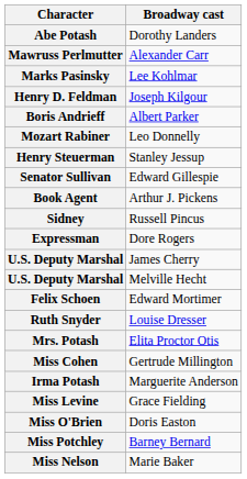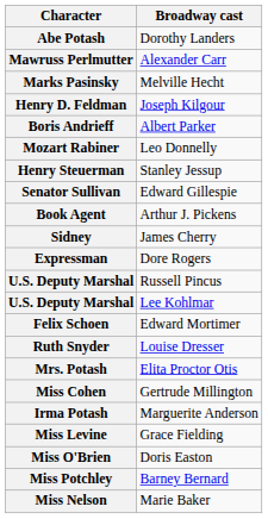 <table class="wikitable sortable plainrowheaders">
 <tr>
 <th scope="col">Character</th>
 <th scope="col">Broadway cast</th>
 </tr>
 <tr>
 <th scope="row">Abe Potash</th>
 <td>Dorothy Landers</td>
 </tr>
 <tr>
 <th scope="row">Mawruss Perlmutter</th>
 <td><a href='#'>Alexander Carr</a></td>
 </tr>
 <tr>
 <th scope="row">Marks Pasinsky</th>
-<td><a href='#'>Lee Kohlmar</a></td>
+<td>Melville Hecht</td>
 </tr>
 <tr>
 <th scope="row">Henry D. Feldman</th>
 <td><a href='#'>Joseph Kilgour</a></td>
 </tr>
 <tr>
 <th scope="row">Boris Andrieff</th>
 <td><a href='#'>Albert Parker</a></td>
 </tr>
 <tr>
 <th scope="row">Mozart Rabiner</th>
 <td>Leo Donnelly</td>
 </tr>
 <tr>
 <th scope="row">Henry Steuerman</th>
 <td>Stanley Jessup</td>
 </tr>
 <tr>
 <th scope="row">Senator Sullivan</th>
 <td>Edward Gillespie</td>
 </tr>
 <tr>
 <th scope="row">Book Agent</th>
 <td>Arthur J. Pickens</td>
 </tr>
 <tr>
 <th scope="row">Sidney</th>
-<td>Russell Pincus</td>
+<td>James Cherry</td>
 </tr>
 <tr>
 <th scope="row">Expressman</th>
 <td>Dore Rogers</td>
 </tr>
 <tr>
 <th scope="row">U.S. Deputy Marshal</th>
-<td>James Cherry</td>
+<td>Russell Pincus</td>
 </tr>
 <tr>
 <th scope="row">U.S. Deputy Marshal</th>
-<td>Melville Hecht</td>
+<td><a href='#'>Lee Kohlmar</a></td>
 </tr>
 <tr>
 <th scope="row">Felix Schoen</th>
 <td>Edward Mortimer</td>
 </tr>
 <tr>
 <th scope="row">Ruth Snyder</th>
 <td><a href='#'>Louise Dresser</a></td>
 </tr>
 <tr>
 <th scope="row">Mrs. Potash</th>
 <td><a href='#'>Elita Proctor Otis</a></td>
 </tr>
 <tr>
 <th scope="row">Miss Cohen</th>
 <td>Gertrude Millington</td>
 </tr>
 <tr>
 <th scope="row">Irma Potash</th>
 <td>Marguerite Anderson</td>
 </tr>
 <tr>
 <th scope="row">Miss Levine</th>
 <td>Grace Fielding</td>
 </tr>
 <tr>
 <th scope="row">Miss O'Brien</th>
 <td>Doris Easton</td>
 </tr>
 <tr>
 <th scope="row">Miss Potchley</th>
 <td><a href='#'>Barney Bernard</a></td>
 </tr>
 <tr>
 <th scope="row">Miss Nelson</th>
 <td>Marie Baker</td>
 </tr>
 </table>
